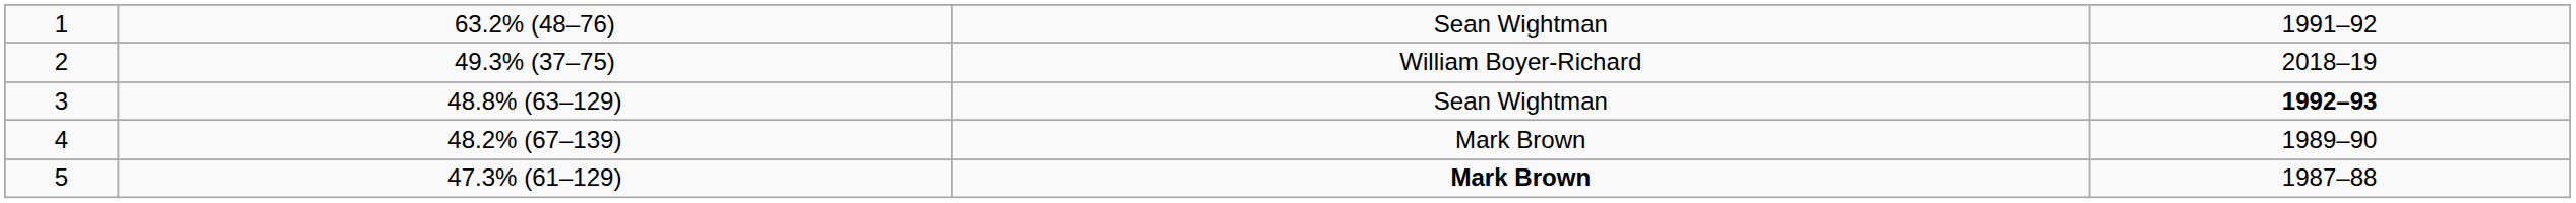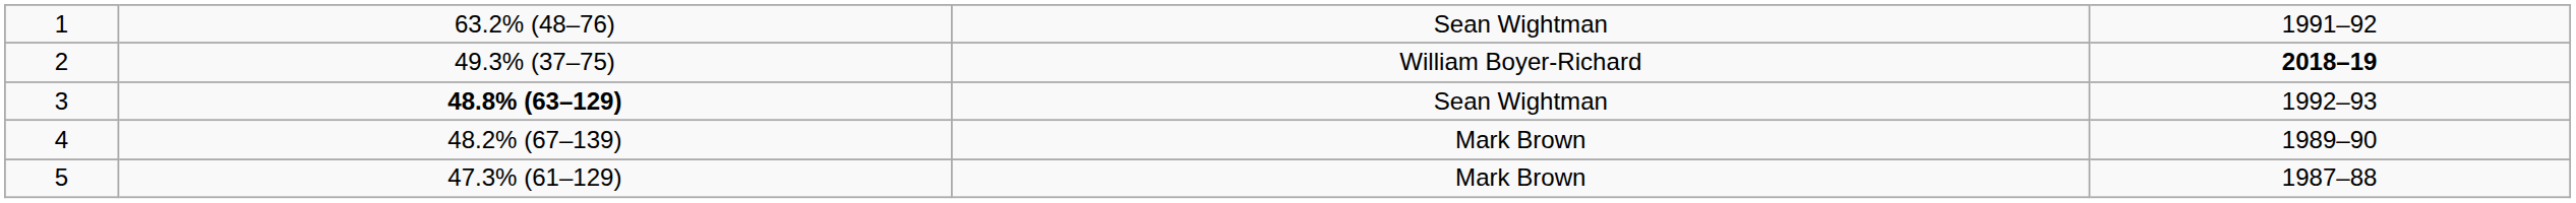 <table class="wikitable" style="font-size:85%; text-align:center; width:90%;">
 <tr>
 <td>1</td>
 <td>63.2% (48–76)</td>
 <td>Sean Wightman</td>
 <td>1991–92</td>
 </tr>
 <tr>
 <td>2</td>
 <td>49.3% (37–75)</td>
 <td>William Boyer-Richard</td>
-<td>2018–19</td>
+<td><strong>2018–19</strong></td>
 </tr>
 <tr>
 <td>3</td>
-<td>48.8% (63–129)</td>
+<td><strong>48.8% (63–129)</strong></td>
 <td>Sean Wightman</td>
-<td><strong>1992–93</strong></td>
+<td>1992–93</td>
 </tr>
 <tr>
 <td>4</td>
 <td>48.2% (67–139)</td>
 <td>Mark Brown</td>
 <td>1989–90</td>
 </tr>
 <tr>
 <td>5</td>
 <td>47.3% (61–129)</td>
-<td><strong>Mark Brown</strong></td>
+<td>Mark Brown</td>
 <td>1987–88</td>
 </tr>
 </table>
